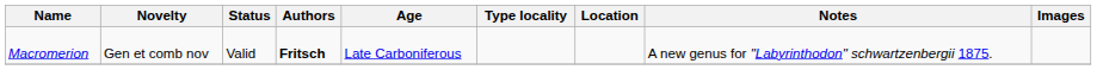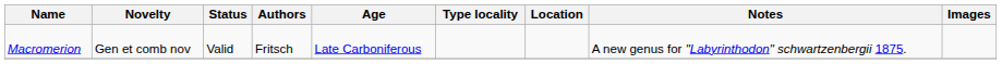 <table class="wikitable sortable" align="center" width="100%">
 <tr>
 <th>Name</th>
 <th>Novelty</th>
 <th>Status</th>
 <th>Authors</th>
 <th>Age</th>
 <th>Type locality</th>
 <th>Location</th>
 <th>Notes</th>
 <th>Images</th>
 </tr>
 <tr>
 <td><br><em><a href='#'>Macromerion</a></em></td>
 <td><br>Gen et comb nov</td>
 <td><br>Valid</td>
-<td><strong><br>Fritsch</strong></td>
+<td><br>Fritsch</td>
 <td><br><a href='#'>Late Carboniferous</a></td>
 <td></td>
 <td><br></td>
 <td><br>A new genus for <em>"<a href='#'>Labyrinthodon</a>" schwartzenbergii</em> <a href='#'>1875</a>.</td>
 <td><br></td>
 </tr>
 <tr>
 </tr>
 </table>
